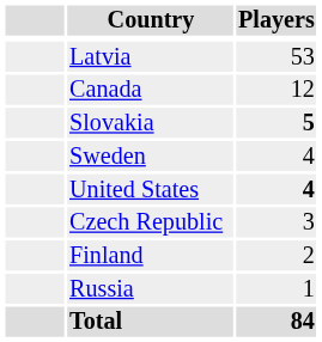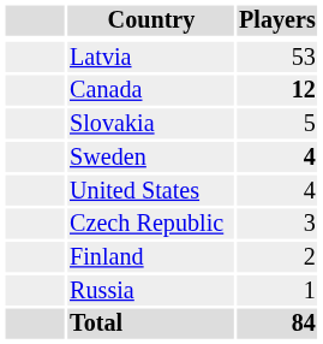 <table width=210px>
 <tr bgcolor="#dddddd">
 <th width=20%></th>
 <th width=55%>Country</th>
 <th width=25%>Players</th>
 </tr>
 <tr>
 </tr>
 <tr bgcolor="#eeeeee">
 <td align=center></td>
 <td align=left><a href='#'>Latvia</a></td>
 <td align=right>53</td>
 </tr>
 <tr bgcolor="#eeeeee">
 <td align=center></td>
 <td align=left><a href='#'>Canada</a></td>
-<td align=right>12</td>
+<td align=right><strong>12</strong></td>
 </tr>
 <tr bgcolor="#eeeeee">
 <td align=center></td>
 <td align=left><a href='#'>Slovakia</a></td>
-<td align=right><strong>5</strong></td>
+<td align=right>5</td>
 </tr>
 <tr bgcolor="#eeeeee">
 <td align=center></td>
 <td align=left><a href='#'>Sweden</a></td>
-<td align=right>4</td>
+<td align=right><strong>4</strong></td>
 </tr>
 <tr bgcolor="#eeeeee">
 <td align=center></td>
 <td align=left><a href='#'>United States</a></td>
-<td align=right><strong>4</strong></td>
+<td align=right>4</td>
 </tr>
 <tr bgcolor="#eeeeee">
 <td align=center></td>
 <td align=left><a href='#'>Czech Republic</a></td>
 <td align=right>3</td>
 </tr>
 <tr bgcolor="#eeeeee">
 <td align=center></td>
 <td align=left><a href='#'>Finland</a></td>
 <td align=right>2</td>
 </tr>
 <tr bgcolor="#eeeeee">
 <td align=center></td>
 <td align=left><a href='#'>Russia</a></td>
 <td align=right>1</td>
 </tr>
 <tr bgcolor="#dddddd">
 <th align=center></th>
 <th align=left>Total</th>
 <th align=right>84</th>
 </tr>
 </table>
